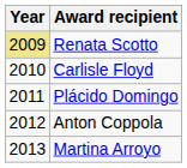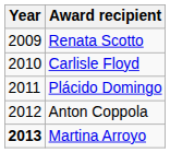 <table class=wikitable>
 <tr>
 <th>Year</th>
 <th>Award recipient</th>
 </tr>
 <tr>
-<td style="background: khaki;">2009</td>
+<td>2009</td>
 <td><a href='#'>Renata Scotto</a></td>
 </tr>
 <tr>
 <td>2010</td>
 <td><a href='#'>Carlisle Floyd</a></td>
 </tr>
 <tr>
 <td>2011</td>
 <td><a href='#'>Plácido Domingo</a></td>
 </tr>
 <tr>
 <td>2012</td>
 <td>Anton Coppola</td>
 </tr>
 <tr>
-<td>2013</td>
+<td><strong>2013</strong></td>
 <td><a href='#'>Martina Arroyo</a></td>
 </tr>
 </table>
